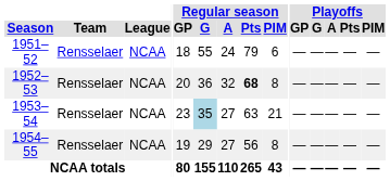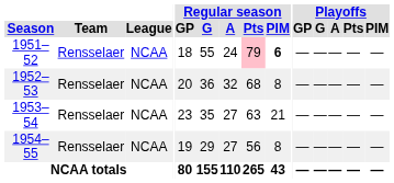 <table border="0" cellpadding="1" cellspacing="0" style="text-align:center; width:75%">
 <tr bgcolor="#e0e0e0">
 <th colspan="3" bgcolor="#ffffff"></th>
 <th rowspan="99" bgcolor="#ffffff"></th>
 <th colspan="5"><a href='#'>Regular season</a></th>
 <th rowspan="99" bgcolor="#ffffff"></th>
 <th colspan="5"><a href='#'>Playoffs</a></th>
 </tr>
 <tr bgcolor="#e0e0e0">
 <th><a href='#'>Season</a></th>
 <th>Team</th>
 <th>League</th>
 <th>GP</th>
 <th><a href='#'>G</a></th>
 <th><a href='#'>A</a></th>
 <th><a href='#'>Pts</a></th>
 <th><a href='#'>PIM</a></th>
 <th>GP</th>
 <th>G</th>
 <th>A</th>
 <th>Pts</th>
 <th>PIM</th>
 </tr>
 <tr ALIGN="center">
 <td><a href='#'>1951–52</a></td>
 <td><a href='#'>Rensselaer</a></td>
 <td><a href='#'>NCAA</a></td>
 <td>18</td>
 <td>55</td>
 <td>24</td>
-<td>79</td>
-<td>6</td>
+<td style="background: pink;">79</td>
+<td><strong>6</strong></td>
 <td>—</td>
 <td>—</td>
 <td>—</td>
 <td>—</td>
 <td>—</td>
 </tr>
 <tr ALIGN="center" bgcolor="#f0f0f0">
 <td><a href='#'>1952–53</a></td>
 <td>Rensselaer</td>
 <td>NCAA</td>
 <td>20</td>
 <td>36</td>
 <td>32</td>
-<td><strong>68</strong></td>
+<td>68</td>
 <td>8</td>
 <td>—</td>
 <td>—</td>
 <td>—</td>
 <td>—</td>
 <td>—</td>
 </tr>
 <tr ALIGN="center">
 <td><a href='#'>1953–54</a></td>
 <td>Rensselaer</td>
 <td>NCAA</td>
 <td>23</td>
-<td style="background: lightblue;">35</td>
+<td>35</td>
 <td>27</td>
 <td>63</td>
 <td>21</td>
 <td>—</td>
 <td>—</td>
 <td>—</td>
 <td>—</td>
 <td>—</td>
 </tr>
 <tr ALIGN="center" bgcolor="#f0f0f0">
 <td><a href='#'>1954–55</a></td>
 <td>Rensselaer</td>
 <td>NCAA</td>
 <td>19</td>
 <td>29</td>
 <td>27</td>
 <td>56</td>
 <td>8</td>
 <td>—</td>
 <td>—</td>
 <td>—</td>
 <td>—</td>
 <td>—</td>
 </tr>
 <tr ALIGN="center">
 <th colspan="3">NCAA totals</th>
 <th>80</th>
 <th>155</th>
 <th>110</th>
 <th>265</th>
 <th>43</th>
 <th>—</th>
 <th>—</th>
 <th>—</th>
 <th>—</th>
 <th>—</th>
 </tr>
 </table>
